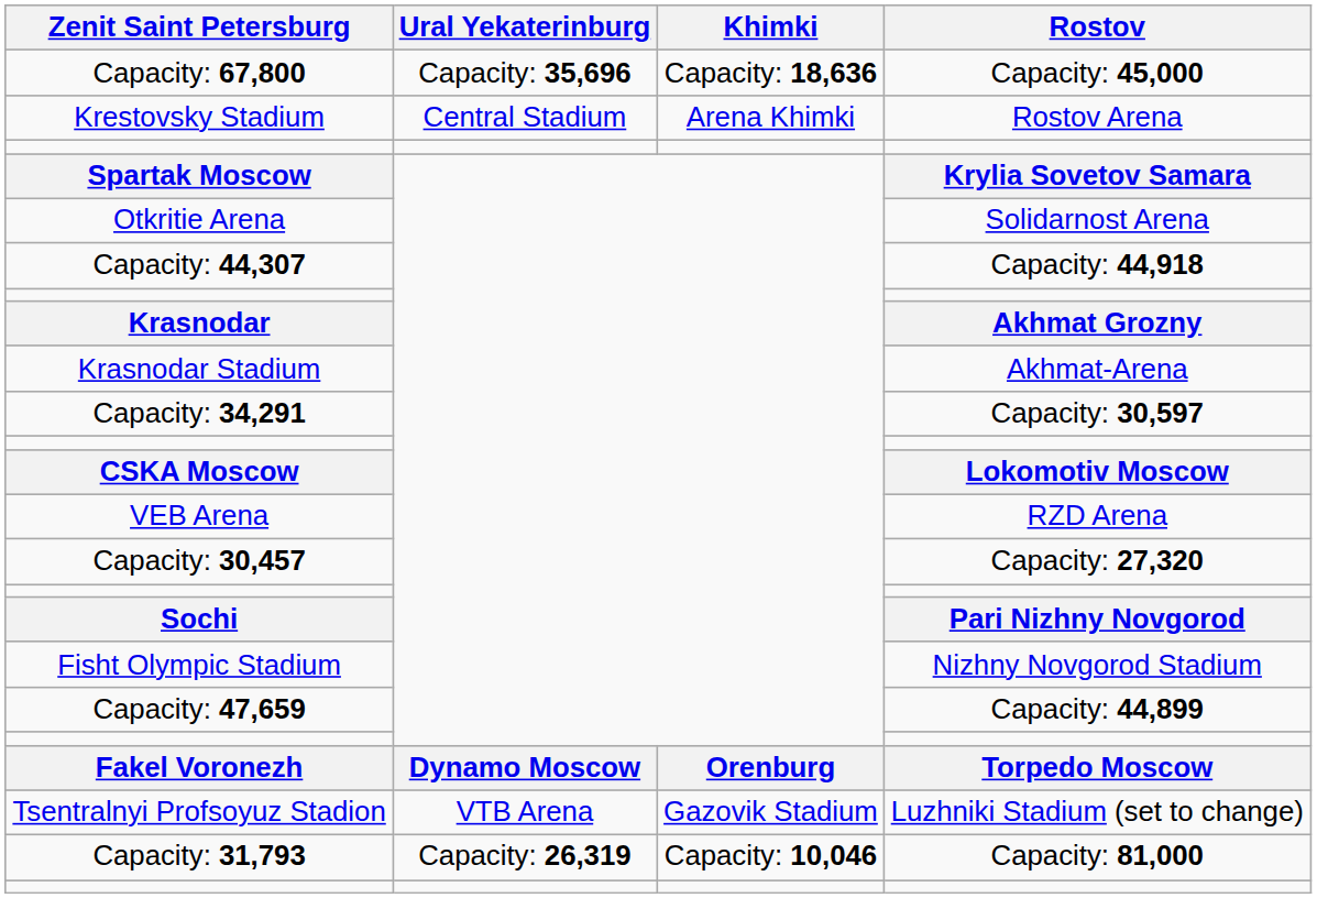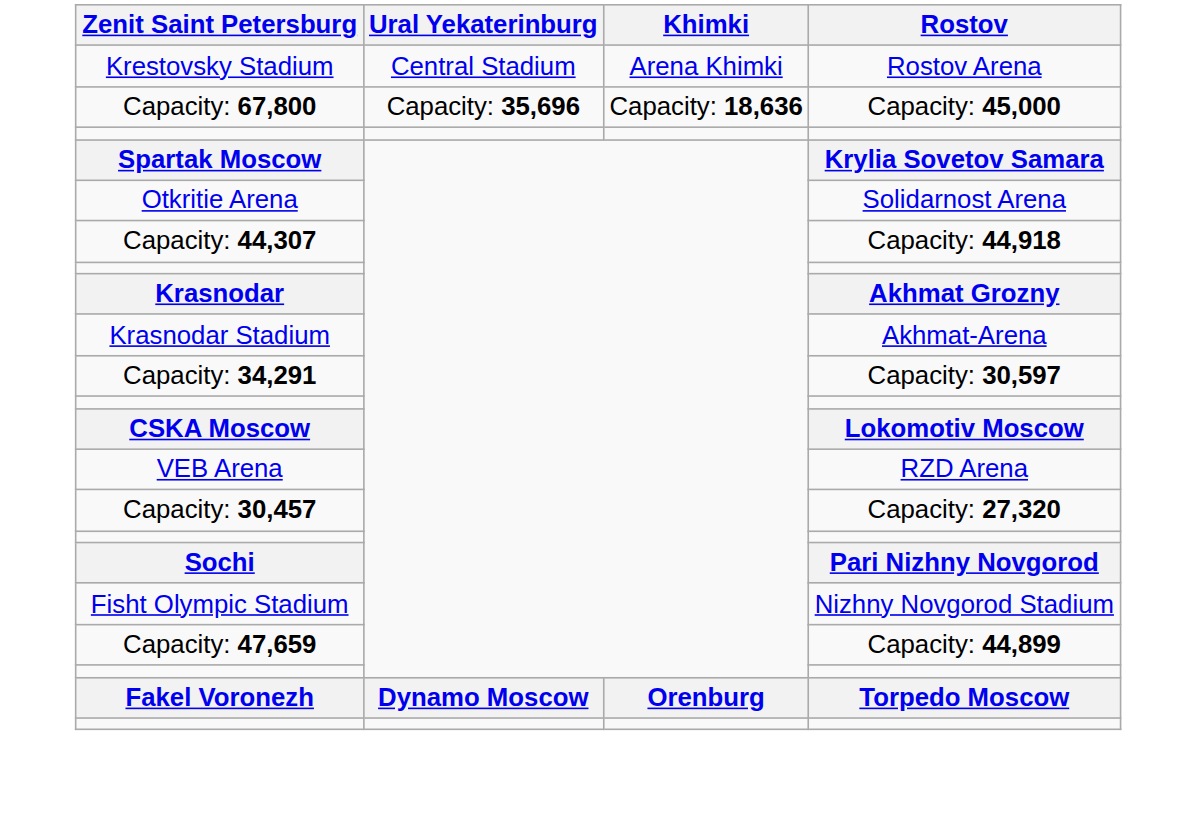 <table class="wikitable" style="text-align:center;margin: 1em auto;">
 <tr>
 <th><a href='#'>Zenit Saint Petersburg</a></th>
 <th><a href='#'>Ural Yekaterinburg</a></th>
 <th><a href='#'>Khimki</a></th>
 <th><a href='#'>Rostov</a></th>
 </tr>
 <tr>
+<td><a href='#'>Krestovsky Stadium</a></td>
+<td><a href='#'>Central Stadium</a></td>
+<td><a href='#'>Arena Khimki</a></td>
+<td><a href='#'>Rostov Arena</a></td>
+</tr>
+<tr>
 <td>Capacity: <strong>67,800</strong></td>
 <td>Capacity: <strong>35,696</strong></td>
 <td>Capacity: <strong>18,636</strong></td>
 <td>Capacity: <strong>45,000</strong></td>
-</tr>
-<tr>
-<td><a href='#'>Krestovsky Stadium</a></td>
-<td><a href='#'>Central Stadium</a></td>
-<td><a href='#'>Arena Khimki</a></td>
-<td><a href='#'>Rostov Arena</a></td>
 </tr>
 <tr>
 <td></td>
 <td></td>
 <td></td>
 <td></td>
 </tr>
 <tr>
 <th><a href='#'>Spartak Moscow</a></th>
 <td colspan="2" rowspan="16"><br> </td>
 <th><a href='#'>Krylia Sovetov Samara</a></th>
 </tr>
 <tr>
 <td><a href='#'>Otkritie Arena</a></td>
 <td><a href='#'>Solidarnost Arena</a></td>
 </tr>
 <tr>
 <td>Capacity: <strong>44,307</strong></td>
 <td>Capacity: <strong>44,918</strong></td>
 </tr>
 <tr>
 <td></td>
 <td></td>
 </tr>
 <tr>
 <th><a href='#'>Krasnodar</a></th>
 <th><a href='#'>Akhmat Grozny</a></th>
 </tr>
 <tr>
 <td><a href='#'>Krasnodar Stadium</a></td>
 <td><a href='#'>Akhmat-Arena</a></td>
 </tr>
 <tr>
 <td>Capacity: <strong>34,291</strong></td>
 <td>Capacity: <strong>30,597</strong></td>
 </tr>
 <tr>
 <td></td>
 <td></td>
 </tr>
 <tr>
 <th><a href='#'>CSKA Moscow</a></th>
 <th><a href='#'>Lokomotiv Moscow</a></th>
 </tr>
 <tr>
 <td><a href='#'>VEB Arena</a></td>
 <td><a href='#'>RZD Arena</a></td>
 </tr>
 <tr>
 <td>Capacity: <strong>30,457</strong></td>
 <td>Capacity: <strong>27,320</strong></td>
 </tr>
 <tr>
 <td></td>
 <td></td>
 </tr>
 <tr>
 <th><a href='#'>Sochi</a></th>
 <th><a href='#'>Pari Nizhny Novgorod</a></th>
 </tr>
 <tr>
 <td><a href='#'>Fisht Olympic Stadium</a></td>
 <td><a href='#'>Nizhny Novgorod Stadium</a></td>
 </tr>
 <tr>
 <td>Capacity: <strong>47,659</strong></td>
 <td>Capacity: <strong>44,899</strong></td>
 </tr>
 <tr>
 <td></td>
 <td></td>
 </tr>
 <tr>
 <th><a href='#'>Fakel Voronezh</a></th>
 <th><a href='#'>Dynamo Moscow</a></th>
 <th><a href='#'>Orenburg</a></th>
 <th><a href='#'>Torpedo Moscow</a></th>
 </tr>
 <tr>
-<td><a href='#'>Tsentralnyi Profsoyuz Stadion</a></td>
-<td><a href='#'>VTB Arena</a></td>
-<td><a href='#'>Gazovik Stadium</a></td>
-<td><a href='#'>Luzhniki Stadium</a> (set to change)</td>
-</tr>
-<tr>
-<td>Capacity: <strong>31,793</strong></td>
-<td>Capacity: <strong>26,319</strong></td>
-<td>Capacity: <strong>10,046</strong></td>
-<td>Capacity: <strong>81,000</strong></td>
-</tr>
-<tr>
 <td></td>
 <td></td>
 <td></td>
 <td></td>
 </tr>
 </table>
